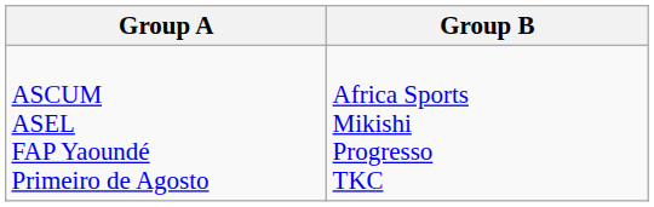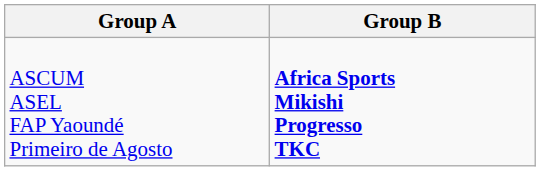 <table class="wikitable">
 <tr>
 <th width=195px>Group A</th>
 <th width=195px>Group B</th>
 </tr>
 <tr>
 <td valign=top><br> <a href='#'>ASCUM</a><br>  <a href='#'>ASEL</a><br>  <a href='#'>FAP Yaoundé</a><br>  <a href='#'>Primeiro de Agosto</a></td>
-<td valign=top><br> <a href='#'>Africa Sports</a><br>  <a href='#'>Mikishi</a><br>  <a href='#'>Progresso</a><br>  <a href='#'>TKC</a></td>
+<td valign=top><strong><br> <a href='#'>Africa Sports</a><br>  <a href='#'>Mikishi</a><br>  <a href='#'>Progresso</a><br>  <a href='#'>TKC</a></strong></td>
 </tr>
 </table>
